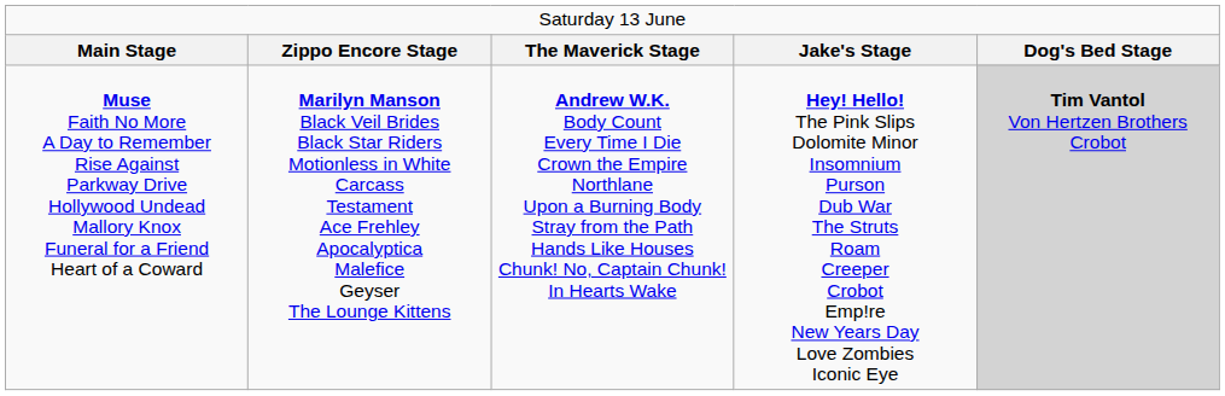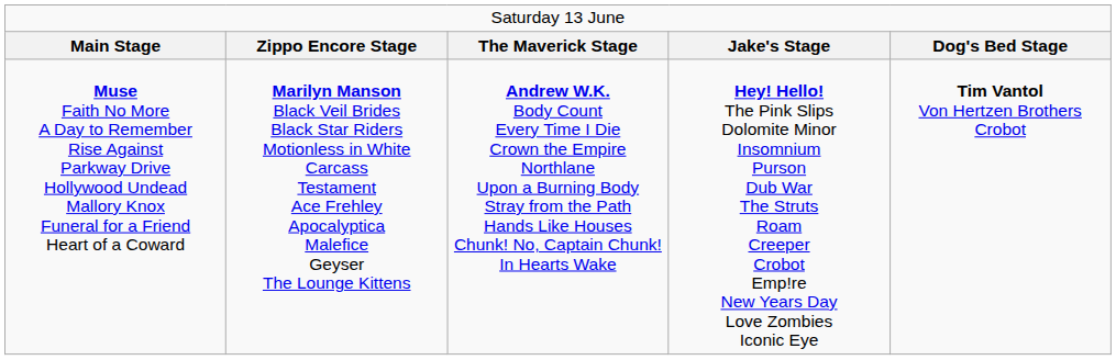 <table class="wikitable">
 <tr>
 <td colspan="5" style="text-align:center;">Saturday 13 June</td>
 </tr>
 <tr>
 <th>Main Stage</th>
 <th>Zippo Encore Stage</th>
 <th>The Maverick Stage</th>
 <th>Jake's Stage</th>
 <th>Dog's Bed Stage</th>
 </tr>
 <tr>
 <td style="text-align:center; vertical-align:top; width:200px;"><br><strong><a href='#'>Muse</a></strong> <br> <a href='#'>Faith No More</a> <br> <a href='#'>A Day to Remember</a> <br> <a href='#'>Rise Against</a> <br> <a href='#'>Parkway Drive</a> <br> <a href='#'>Hollywood Undead</a><br> <a href='#'>Mallory Knox</a> <br> <a href='#'>Funeral for a Friend</a><br> Heart of a Coward<br></td>
 <td style="text-align:center; vertical-align:top; width:200px;"><br><strong><a href='#'>Marilyn Manson</a></strong><br> <a href='#'>Black Veil Brides</a> <br> <a href='#'>Black Star Riders</a> <br> <a href='#'>Motionless in White</a> <br> <a href='#'>Carcass</a><br> <a href='#'>Testament</a> <br> <a href='#'>Ace Frehley</a> <br> <a href='#'>Apocalyptica</a> <br> <a href='#'>Malefice</a><br> Geyser <br> <a href='#'>The Lounge Kittens</a> <br></td>
 <td style="text-align:center; vertical-align:top; width:200px;"><br><strong><a href='#'>Andrew W.K.</a></strong> <br> <a href='#'>Body Count</a> <br> <a href='#'>Every Time I Die</a> <br> <a href='#'>Crown the Empire</a> <br> <a href='#'>Northlane</a> <br> <a href='#'>Upon a Burning Body</a><br> <a href='#'>Stray from the Path</a> <br> <a href='#'>Hands Like Houses</a> <br> <a href='#'>Chunk! No, Captain Chunk!</a><br> <a href='#'>In Hearts Wake</a><br></td>
 <td style="text-align:center; vertical-align:top; width:200px;"><br><strong><a href='#'>Hey! Hello!</a></strong><br> The Pink Slips<br> Dolomite Minor<br> <a href='#'>Insomnium</a><br> <a href='#'>Purson</a><br> <a href='#'>Dub War</a><br> <a href='#'>The Struts</a><br> <a href='#'>Roam</a> <br> <a href='#'>Creeper</a> <br> <a href='#'>Crobot</a><br> Emp!re<br> <a href='#'>New Years Day</a><br> Love Zombies<br> Iconic Eye</td>
-<td style="background: lightgrey; text-align:center; vertical-align:top; width:200px;"><br><strong>Tim Vantol</strong><br> <a href='#'>Von Hertzen Brothers</a><br> <a href='#'>Crobot</a></td>
+<td style="text-align:center; vertical-align:top; width:200px;"><br><strong>Tim Vantol</strong><br> <a href='#'>Von Hertzen Brothers</a><br> <a href='#'>Crobot</a></td>
 </tr>
 </table>
